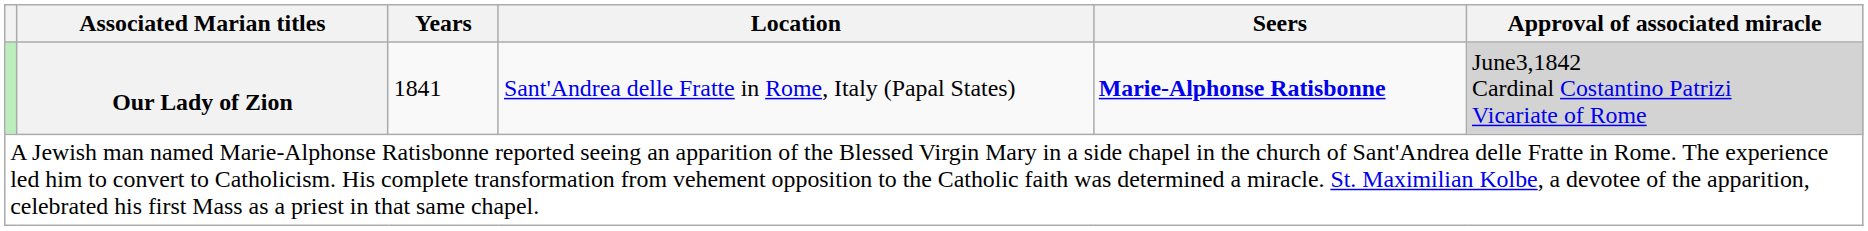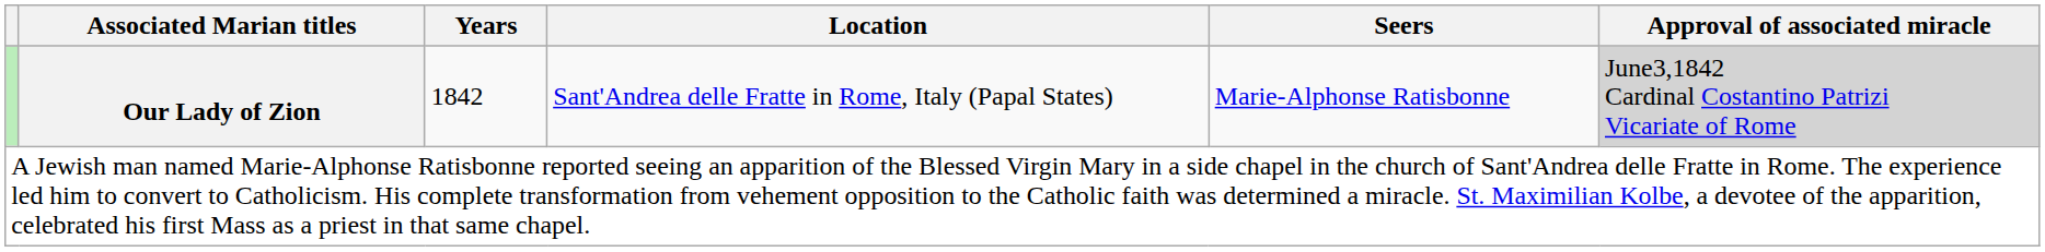 <table class="wikitable plainrowheaders sortable">
 <tr>
 <th class="unsortable" style="padding:0;width:7px"></th>
 <th scope="col" width="20%">Associated Marian titles</th>
 <th scope="col">Years</th>
 <th scope="col">Location</th>
 <th scope="col">Seers</th>
 <th scope="col">Approval of associated miracle</th>
 </tr>
 <tr id="Miracle">
 <td style="background-color:#beb;padding:0" title="Approved contemporaneous miracle"></td>
 <th data-sort-value="Miracle" scope="row"><strong></strong><br>Our Lady of Zion</th>
-<td>1841</td>
+<td>1842</td>
 <td data-sort-value="Italy"> <a href='#'>Sant'Andrea delle Fratte</a> in <a href='#'>Rome</a>, Italy (Papal States)</td>
-<td data-sort-value="1 Ratisbonne Marie-Alphonse"><strong><a href='#'>Marie-Alphonse Ratisbonne</a></strong></td>
+<td data-sort-value="1 Ratisbonne Marie-Alphonse"><a href='#'>Marie-Alphonse Ratisbonne</a></td>
 <td data-sort-value="1841-06-03" style="background: lightgrey;">June3,1842<br>Cardinal <a href='#'>Costantino Patrizi</a><br><a href='#'>Vicariate of Rome</a></td>
 </tr>
 <tr class="expand-child">
 <td class="description" colspan="6" style="background: white;">A Jewish man named Marie-Alphonse Ratisbonne reported seeing an apparition of the Blessed Virgin Mary in a side chapel in the church of Sant'Andrea delle Fratte in Rome. The experience led him to convert to Catholicism. His complete transformation from vehement opposition to the Catholic faith was determined a miracle. <a href='#'>St. Maximilian Kolbe</a>, a devotee of the apparition, celebrated his first Mass as a priest in that same chapel.</td>
 </tr>
 </table>
